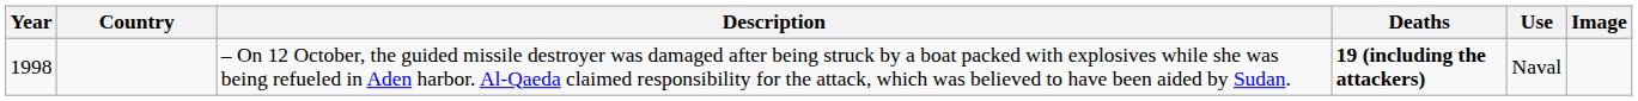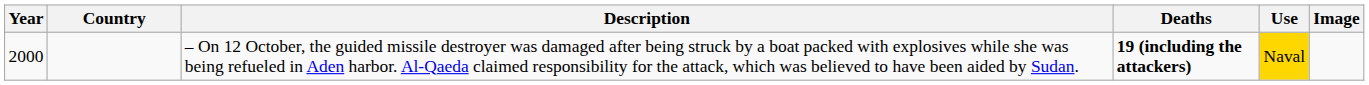 <table class="wikitable sortable" style="display: inline-table;">
 <tr>
 <th data-sort-type="number">Year</th>
 <th width=115px>Country</th>
 <th>Description</th>
 <th data-sort-type="number">Deaths</th>
 <th>Use</th>
 <th class="unsortable">Image</th>
 </tr>
 <tr>
-<td>1998</td>
+<td>2000</td>
 <td></td>
 <td> – On 12 October, the guided missile destroyer was damaged after being struck by a boat packed with explosives while she was being refueled in <a href='#'>Aden</a> harbor. <a href='#'>Al-Qaeda</a> claimed responsibility for the attack, which was believed to have been aided by <a href='#'>Sudan</a>.</td>
 <td><strong>19 (including the attackers)</strong></td>
-<td>Naval</td>
+<td style="background: gold;">Naval</td>
 <td></td>
 </tr>
 </table>
